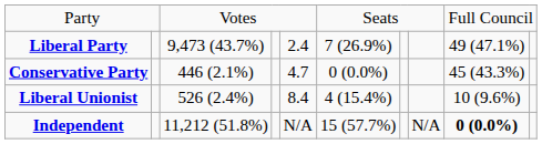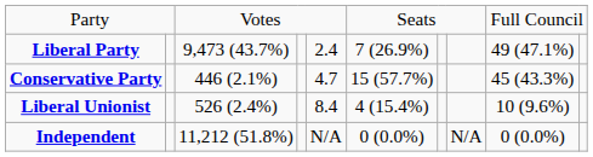 <table class=wikitable style="text-align:center;">
 <tr>
 <td colspan=2>Party</td>
 <td colspan=3>Votes</td>
 <td colspan=3>Seats</td>
 <td colspan=3>Full Council</td>
 </tr>
 <tr>
 <td><strong><a href='#'>Liberal Party</a></strong></td>
 <td style="background:"></td>
 <td>9,473 (43.7%)</td>
 <td></td>
 <td> 2.4</td>
 <td>7 (26.9%)</td>
 <td></td>
 <td></td>
 <td>49 (47.1%)</td>
 <td></td>
 </tr>
 <tr>
 <td><strong><a href='#'>Conservative Party</a></strong></td>
 <td style="background:"></td>
 <td>446 (2.1%)</td>
 <td></td>
 <td> 4.7</td>
-<td>0 (0.0%)</td>
+<td>15 (57.7%)</td>
 <td></td>
 <td></td>
 <td>45 (43.3%)</td>
 <td></td>
 </tr>
 <tr>
 <td><strong><a href='#'>Liberal Unionist</a></strong></td>
 <td style="background:"></td>
 <td>526 (2.4%)</td>
 <td></td>
 <td> 8.4</td>
 <td>4 (15.4%)</td>
 <td></td>
 <td></td>
 <td>10 (9.6%)</td>
 <td></td>
 </tr>
 <tr>
 <td><strong><a href='#'>Independent</a></strong></td>
 <td style="background:"></td>
 <td>11,212 (51.8%)</td>
 <td></td>
 <td>N/A</td>
-<td>15 (57.7%)</td>
+<td>0 (0.0%)</td>
 <td></td>
 <td>N/A</td>
-<td><strong>0 (0.0%)</strong></td>
+<td>0 (0.0%)</td>
 <td></td>
 </tr>
 </table>
